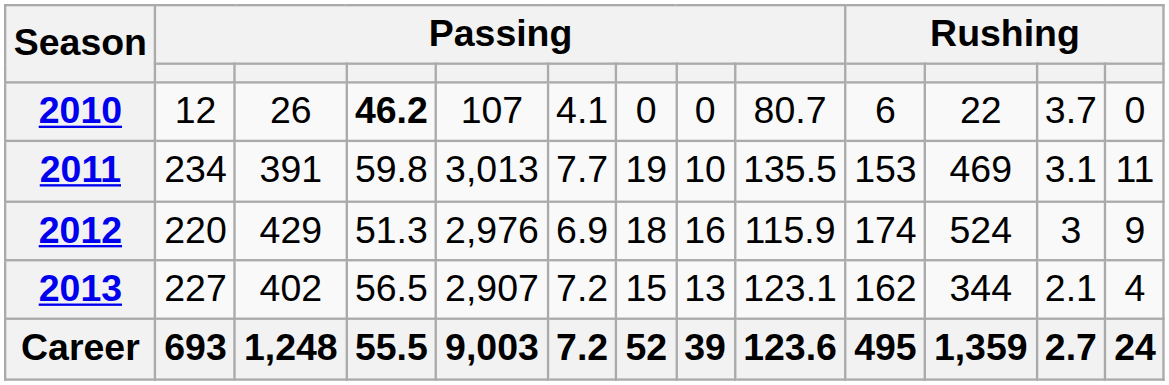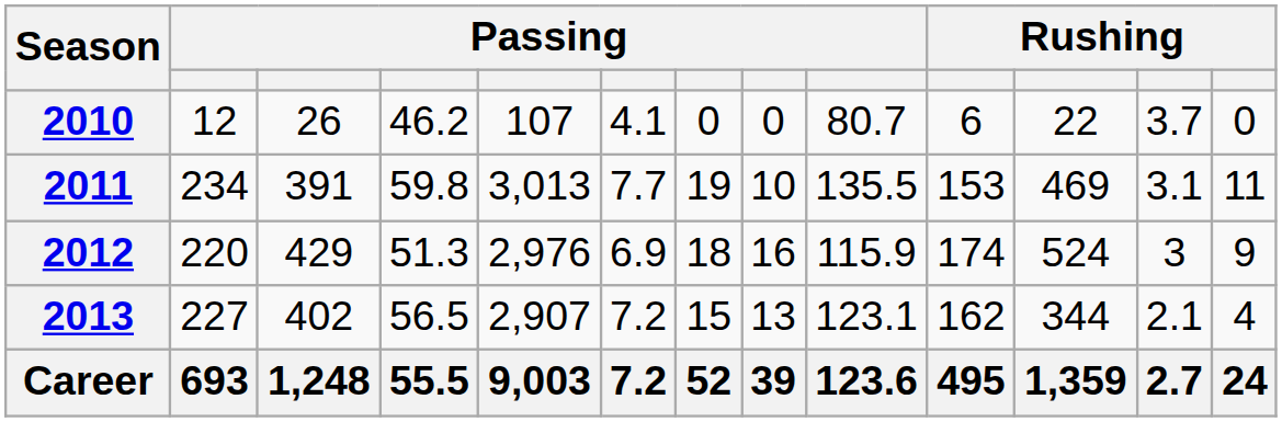 <table class="wikitable" style="text-align:center;">
 <tr>
 <th rowspan="2">Season</th>
 <th colspan="8">Passing</th>
 <th colspan="4">Rushing</th>
 </tr>
 <tr>
 <th></th>
 <th></th>
 <th></th>
 <th></th>
 <th></th>
 <th></th>
 <th></th>
 <th></th>
 <th></th>
 <th></th>
 <th></th>
 <th></th>
 </tr>
 <tr>
 <th><a href='#'>2010</a></th>
 <td>12</td>
 <td>26</td>
-<td><strong>46.2</strong></td>
+<td>46.2</td>
 <td>107</td>
 <td>4.1</td>
 <td>0</td>
 <td>0</td>
 <td>80.7</td>
 <td>6</td>
 <td>22</td>
 <td>3.7</td>
 <td>0</td>
 </tr>
 <tr>
 <th><a href='#'>2011</a></th>
 <td>234</td>
 <td>391</td>
 <td>59.8</td>
 <td>3,013</td>
 <td>7.7</td>
 <td>19</td>
 <td>10</td>
 <td>135.5</td>
 <td>153</td>
 <td>469</td>
 <td>3.1</td>
 <td>11</td>
 </tr>
 <tr>
 <th><a href='#'>2012</a></th>
 <td>220</td>
 <td>429</td>
 <td>51.3</td>
 <td>2,976</td>
 <td>6.9</td>
 <td>18</td>
 <td>16</td>
 <td>115.9</td>
 <td>174</td>
 <td>524</td>
 <td>3</td>
 <td>9</td>
 </tr>
 <tr>
 <th><a href='#'>2013</a></th>
 <td>227</td>
 <td>402</td>
 <td>56.5</td>
 <td>2,907</td>
 <td>7.2</td>
 <td>15</td>
 <td>13</td>
 <td>123.1</td>
 <td>162</td>
 <td>344</td>
 <td>2.1</td>
 <td>4</td>
 </tr>
 <tr>
 <th>Career</th>
 <th>693</th>
 <th>1,248</th>
 <th>55.5</th>
 <th>9,003</th>
 <th>7.2</th>
 <th>52</th>
 <th>39</th>
 <th>123.6</th>
 <th>495</th>
 <th>1,359</th>
 <th>2.7</th>
 <th>24</th>
 </tr>
 </table>
